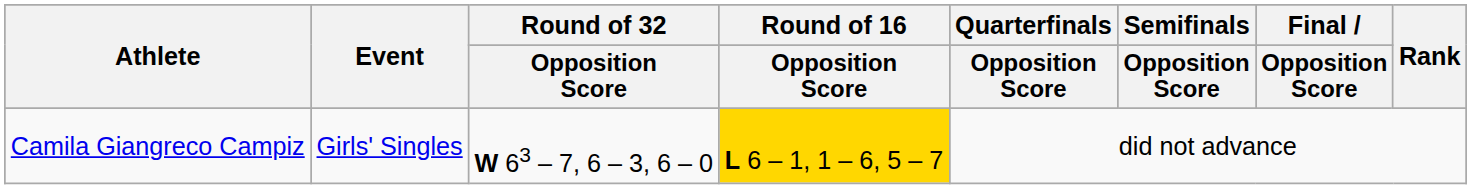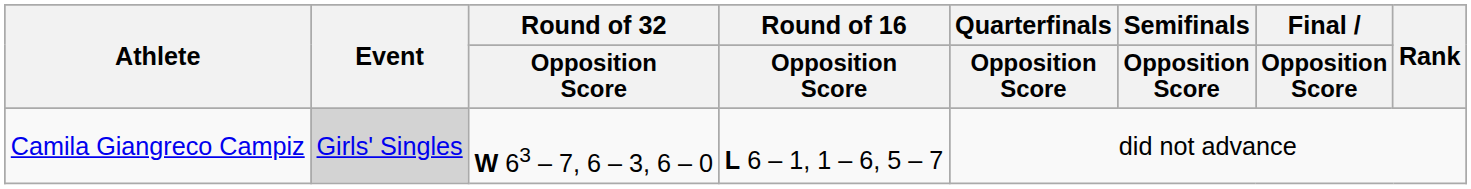 <table class=wikitable style="font-size:90%">
 <tr>
 <th rowspan="2">Athlete</th>
 <th rowspan="2">Event</th>
 <th>Round of 32</th>
 <th>Round of 16</th>
 <th>Quarterfinals</th>
 <th>Semifinals</th>
 <th>Final / </th>
 <th rowspan=2>Rank</th>
 </tr>
 <tr style="font-size:95%">
 <th>Opposition<br>Score</th>
 <th>Opposition<br>Score</th>
 <th>Opposition<br>Score</th>
 <th>Opposition<br>Score</th>
 <th>Opposition<br>Score</th>
 </tr>
 <tr align=center>
 <td align=left><a href='#'>Camila Giangreco Campiz</a></td>
-<td align=left><a href='#'>Girls' Singles</a></td>
+<td align=left style="background: lightgrey;"><a href='#'>Girls' Singles</a></td>
 <td><br><strong>W</strong> 6<sup>3</sup> – 7, 6 – 3, 6 – 0</td>
-<td style="background: gold;"><br><strong>L</strong> 6 – 1, 1 – 6, 5 – 7</td>
+<td><br><strong>L</strong> 6 – 1, 1 – 6, 5 – 7</td>
 <td colspan=4>did not advance</td>
 </tr>
 </table>
